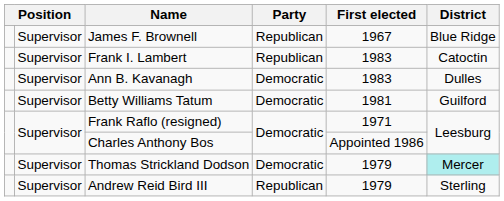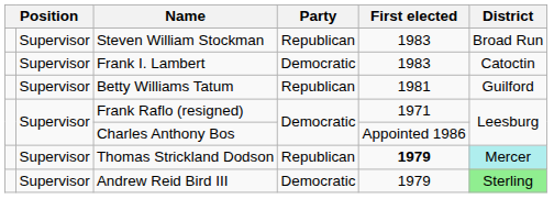 <table class="wikitable">
 <tr>
 <th colspan="2">Position</th>
 <th>Name</th>
 <th>Party</th>
 <th>First elected</th>
 <th>District</th>
 </tr>
 <tr>
 <td style="background-color:"> </td>
 <td>Supervisor</td>
-<td>James F. Brownell</td>
+<td>Steven William Stockman</td>
 <td style="text-align:center;">Republican</td>
-<td style="text-align:center;">1967</td>
-<td style="text-align:center;">Blue Ridge</td>
+<td style="text-align:center;">1983</td>
+<td style="text-align:center;">Broad Run</td>
 </tr>
 <tr>
 <td style="background-color:"> </td>
 <td>Supervisor</td>
 <td>Frank I. Lambert</td>
-<td style="text-align:center;">Republican</td>
+<td style="text-align:center;">Democratic</td>
 <td style="text-align:center;">1983</td>
 <td style="text-align:center;">Catoctin</td>
 </tr>
 <tr>
 <td style="background-color:"> </td>
 <td>Supervisor</td>
-<td>Ann B. Kavanagh</td>
-<td style="text-align:center;">Democratic</td>
-<td style="text-align:center;">1983</td>
-<td style="text-align:center;">Dulles</td>
-</tr>
-<tr>
-<td style="background-color:"> </td>
-<td>Supervisor</td>
 <td>Betty Williams Tatum</td>
-<td style="text-align:center;">Democratic</td>
+<td style="text-align:center;">Republican</td>
 <td style="text-align:center;">1981</td>
 <td style="text-align:center;">Guilford</td>
 </tr>
 <tr>
 <td rowspan="2" style="background-color:"> </td>
 <td rowspan="2">Supervisor</td>
 <td>Frank Raflo (resigned)</td>
 <td rowspan="2" style="text-align:center;">Democratic</td>
 <td style="text-align:center;">1971</td>
 <td rowspan="2" style="text-align:center;">Leesburg</td>
 </tr>
 <tr>
 <td>Charles Anthony Bos</td>
 <td style="text-align:center;">Appointed 1986</td>
 </tr>
 <tr>
 <td style="background-color:"> </td>
 <td>Supervisor</td>
 <td>Thomas Strickland Dodson</td>
-<td style="text-align:center;">Democratic</td>
-<td style="text-align:center;">1979</td>
+<td style="text-align:center;">Republican</td>
+<td style="text-align:center;"><strong>1979</strong></td>
 <td style="background: paleturquoise; text-align:center;">Mercer</td>
 </tr>
 <tr>
 <td style="background-color:"> </td>
 <td>Supervisor</td>
 <td>Andrew Reid Bird III</td>
-<td style="text-align:center;">Republican</td>
+<td style="text-align:center;">Democratic</td>
 <td style="text-align:center;">1979</td>
-<td style="text-align:center;">Sterling</td>
+<td style="background: lightgreen; text-align:center;">Sterling</td>
 </tr>
 </table>
